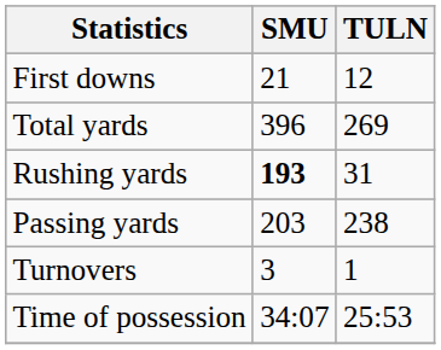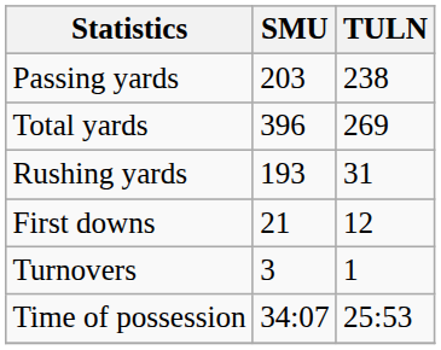 <table class="wikitable" style="float: left;">
 <tr>
 <th>Statistics</th>
 <th>SMU</th>
 <th>TULN</th>
 </tr>
 <tr>
-<td>First downs</td>
-<td>21</td>
-<td>12</td>
+<td>Passing yards</td>
+<td>203</td>
+<td>238</td>
 </tr>
 <tr>
 <td>Total yards</td>
 <td>396</td>
 <td>269</td>
 </tr>
 <tr>
 <td>Rushing yards</td>
-<td><strong>193</strong></td>
+<td>193</td>
 <td>31</td>
 </tr>
 <tr>
-<td>Passing yards</td>
-<td>203</td>
-<td>238</td>
+<td>First downs</td>
+<td>21</td>
+<td>12</td>
 </tr>
 <tr>
 <td>Turnovers</td>
 <td>3</td>
 <td>1</td>
 </tr>
 <tr>
 <td>Time of possession</td>
 <td>34:07</td>
 <td>25:53</td>
 </tr>
 <tr>
 </tr>
 </table>
